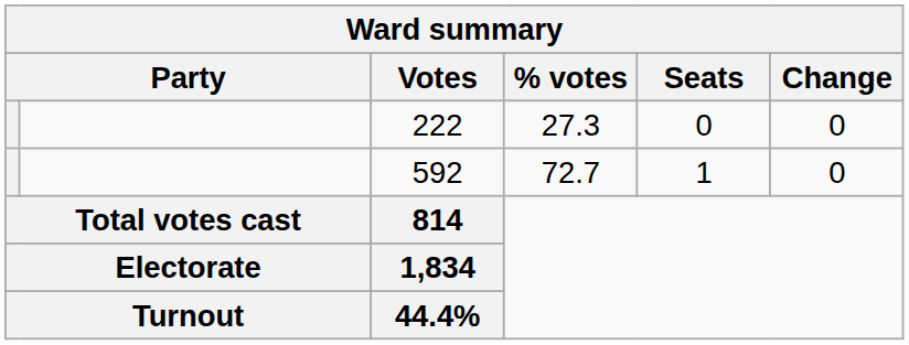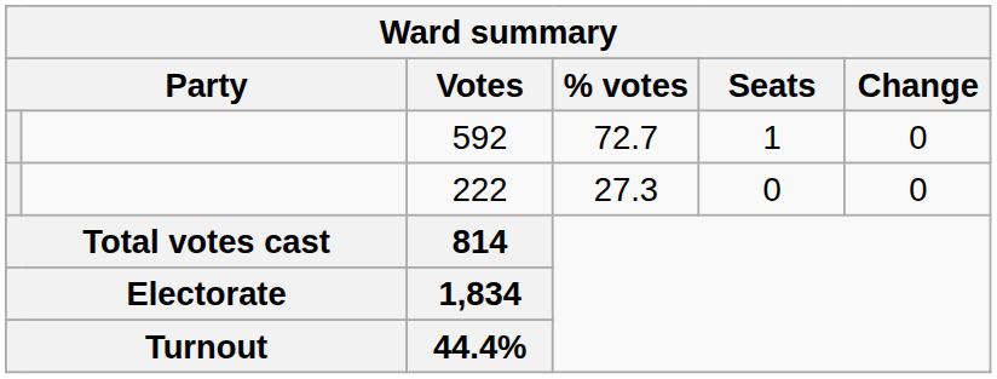 <table class="wikitable" style="font-size: 95%;">
 <tr>
 <th colspan="6">Ward summary</th>
 </tr>
 <tr>
 <th colspan="2">Party</th>
 <th style="width: 60px">Votes</th>
 <th style="width: 60px">% votes</th>
 <th style="width: 60px">Seats</th>
 <th style="width: 60px">Change</th>
 </tr>
 <tr>
 <th style="background-color: "></th>
 <td style="width: 170px"><a href='#'></a></td>
-<td align="center">222</td>
-<td align="center">27.3</td>
-<td align="center">0</td>
+<td align="center">592</td>
+<td align="center">72.7</td>
+<td align="center">1</td>
 <td align="center">0</td>
 </tr>
 <tr>
 <th style="background-color: "></th>
 <td style="width: 170px"><a href='#'></a></td>
-<td align="center">592</td>
-<td align="center">72.7</td>
-<td align="center">1</td>
+<td align="center">222</td>
+<td align="center">27.3</td>
+<td align="center">0</td>
 <td align="center">0</td>
 </tr>
 <tr style="background-color:#E9E9E9">
 <th colspan="2">Total votes cast</th>
 <th style="width: 60px">814</th>
 </tr>
 <tr style="background-color:#E9E9E9">
 <th colspan="2">Electorate</th>
 <th style="width: 60px">1,834</th>
 </tr>
 <tr style="background-color:#E9E9E9">
 <th colspan="2">Turnout</th>
 <th style="width: 60px">44.4%</th>
 </tr>
 </table>
